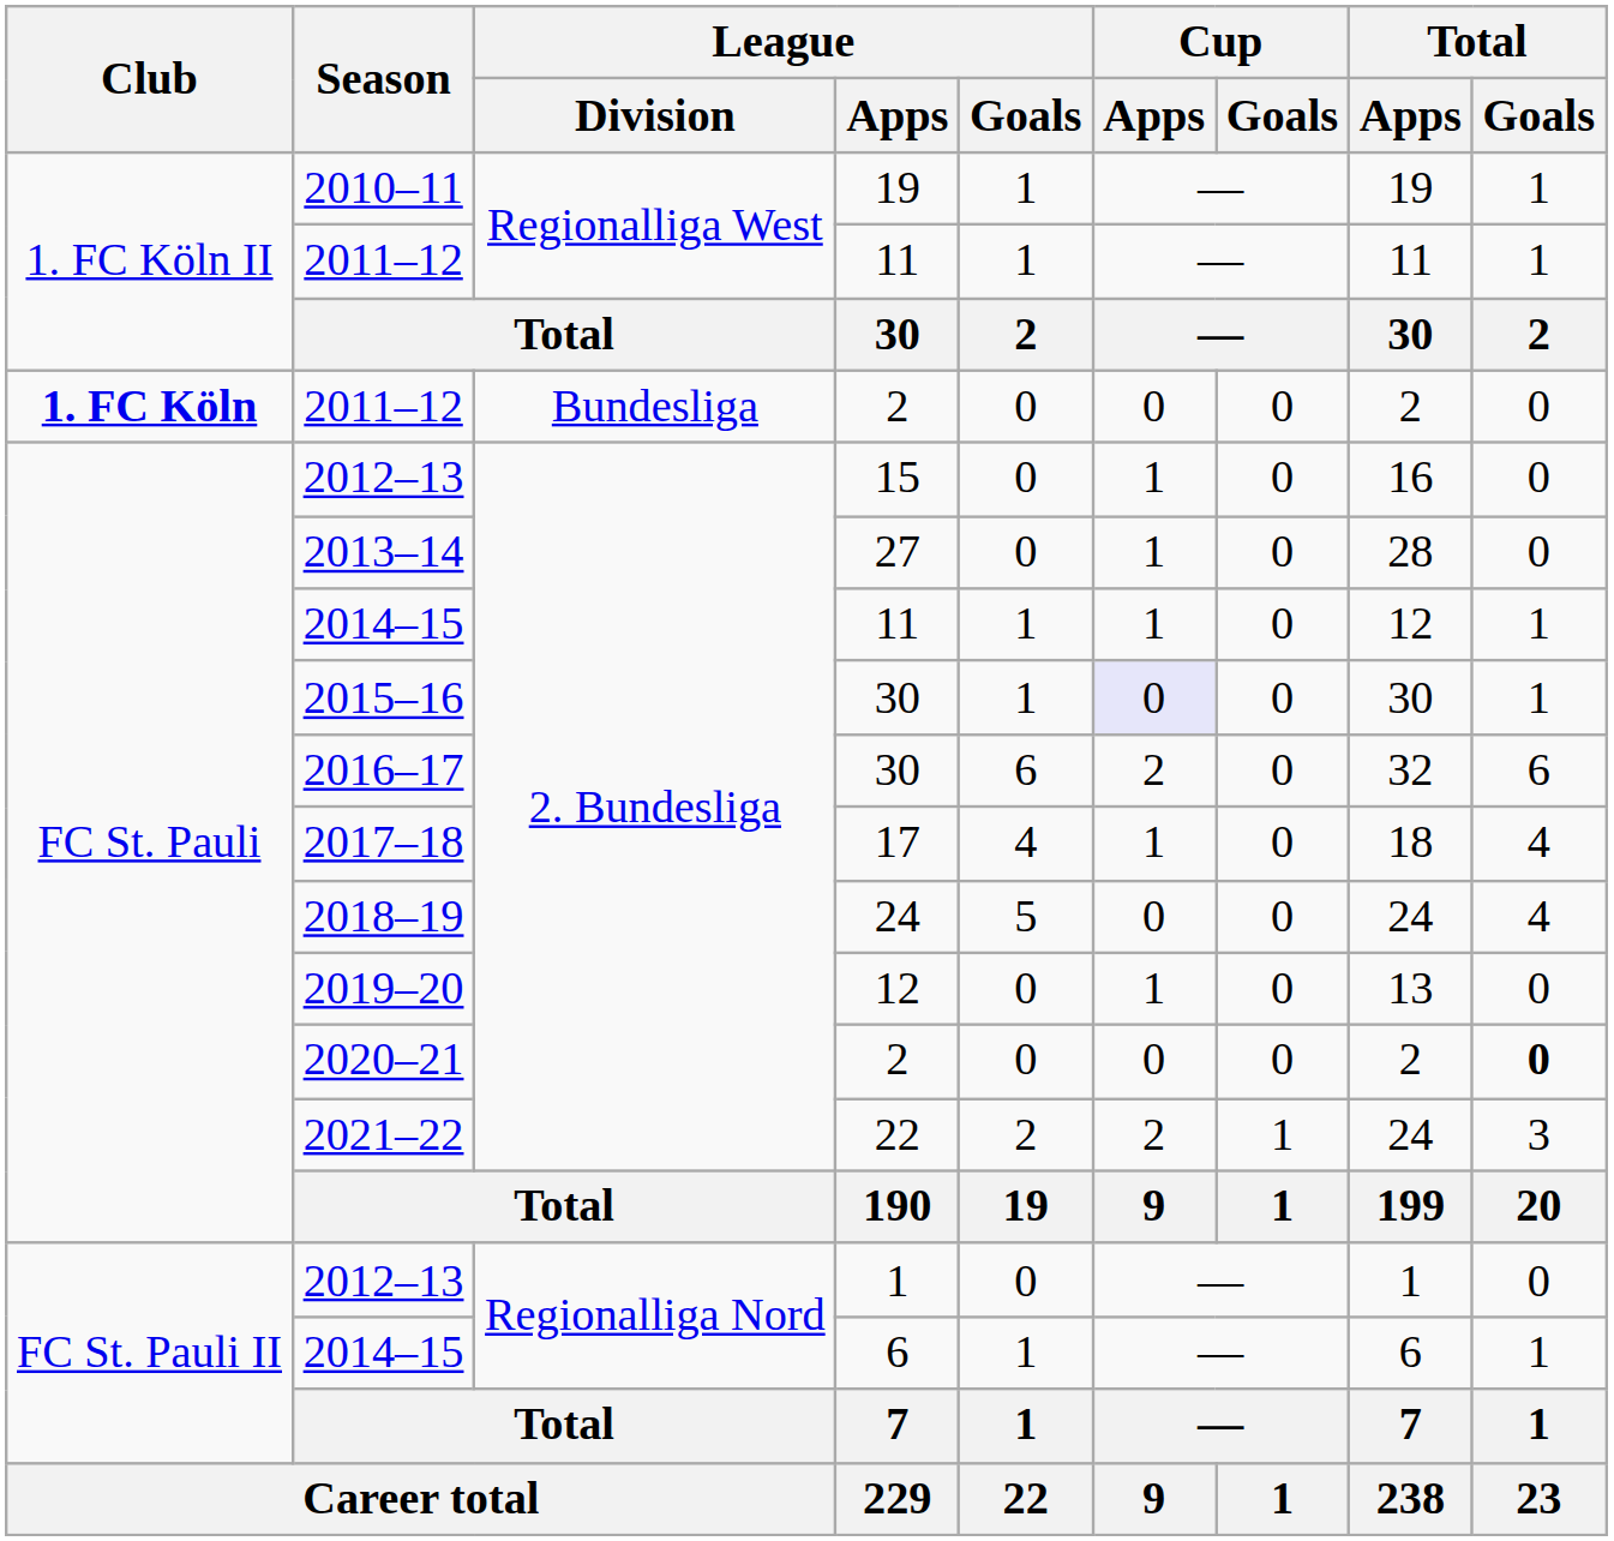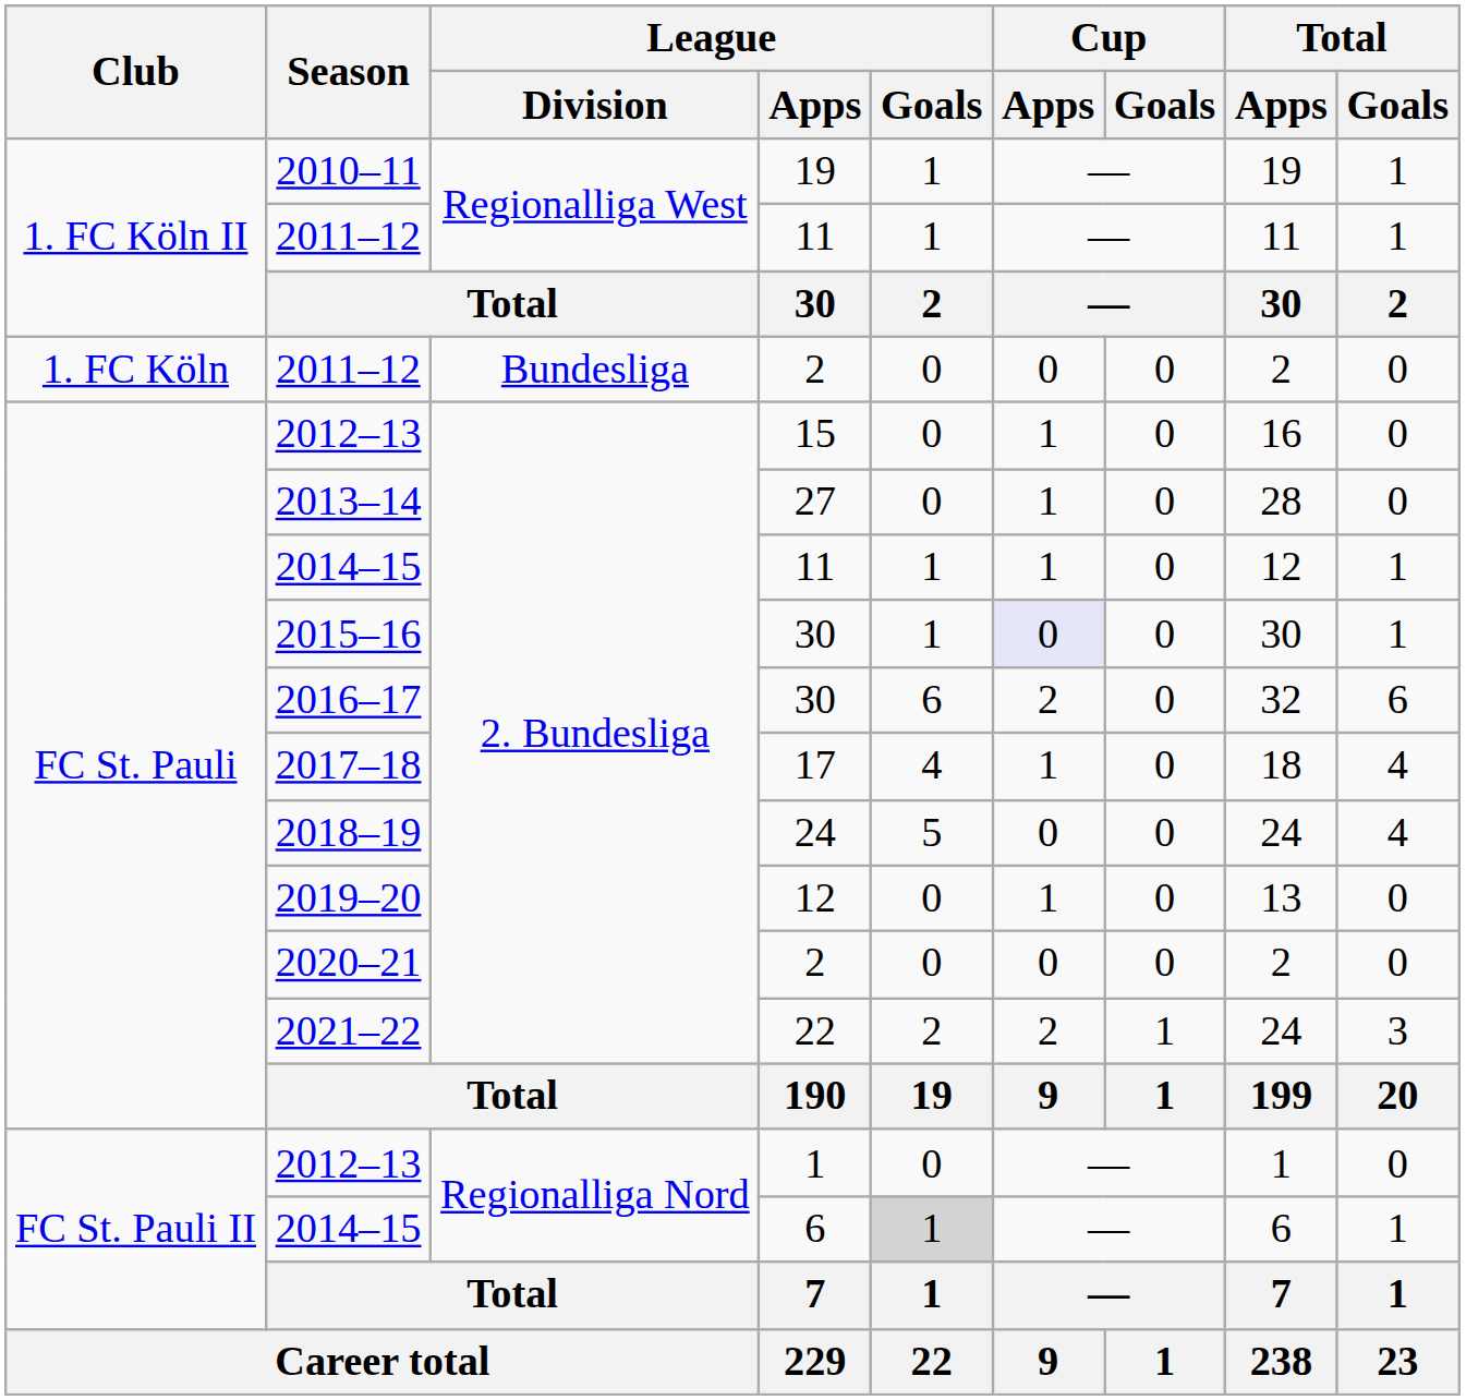 <table class="wikitable" style="text-align:center">
 <tr>
 <th rowspan="2">Club</th>
 <th rowspan="2">Season</th>
 <th colspan="3">League</th>
 <th colspan="2">Cup</th>
 <th colspan="2">Total</th>
 </tr>
 <tr>
 <th>Division</th>
 <th>Apps</th>
 <th>Goals</th>
 <th>Apps</th>
 <th>Goals</th>
 <th>Apps</th>
 <th>Goals</th>
 </tr>
 <tr>
 <td rowspan="3"><a href='#'>1. FC Köln II</a></td>
 <td><a href='#'>2010–11</a></td>
 <td rowspan="2"><a href='#'>Regionalliga West</a></td>
 <td>19</td>
 <td>1</td>
 <td colspan="2">—</td>
 <td>19</td>
 <td>1</td>
 </tr>
 <tr>
 <td><a href='#'>2011–12</a></td>
 <td>11</td>
 <td>1</td>
 <td colspan="2">—</td>
 <td>11</td>
 <td>1</td>
 </tr>
 <tr>
 <th colspan="2">Total</th>
 <th>30</th>
 <th>2</th>
 <th colspan="2">—</th>
 <th>30</th>
 <th>2</th>
 </tr>
 <tr>
-<td><strong><a href='#'>1. FC Köln</a></strong></td>
+<td><a href='#'>1. FC Köln</a></td>
 <td><a href='#'>2011–12</a></td>
 <td><a href='#'>Bundesliga</a></td>
 <td>2</td>
 <td>0</td>
 <td>0</td>
 <td>0</td>
 <td>2</td>
 <td>0</td>
 </tr>
 <tr>
 <td rowspan="11"><a href='#'>FC St. Pauli</a></td>
 <td><a href='#'>2012–13</a></td>
 <td rowspan="10"><a href='#'>2. Bundesliga</a></td>
 <td>15</td>
 <td>0</td>
 <td>1</td>
 <td>0</td>
 <td>16</td>
 <td>0</td>
 </tr>
 <tr>
 <td><a href='#'>2013–14</a></td>
 <td>27</td>
 <td>0</td>
 <td>1</td>
 <td>0</td>
 <td>28</td>
 <td>0</td>
 </tr>
 <tr>
 <td><a href='#'>2014–15</a></td>
 <td>11</td>
 <td>1</td>
 <td>1</td>
 <td>0</td>
 <td>12</td>
 <td>1</td>
 </tr>
 <tr>
 <td><a href='#'>2015–16</a></td>
 <td>30</td>
 <td>1</td>
 <td style="background: lavender;">0</td>
 <td>0</td>
 <td>30</td>
 <td>1</td>
 </tr>
 <tr>
 <td><a href='#'>2016–17</a></td>
 <td>30</td>
 <td>6</td>
 <td>2</td>
 <td>0</td>
 <td>32</td>
 <td>6</td>
 </tr>
 <tr>
 <td><a href='#'>2017–18</a></td>
 <td>17</td>
 <td>4</td>
 <td>1</td>
 <td>0</td>
 <td>18</td>
 <td>4</td>
 </tr>
 <tr>
 <td><a href='#'>2018–19</a></td>
 <td>24</td>
 <td>5</td>
 <td>0</td>
 <td>0</td>
 <td>24</td>
 <td>4</td>
 </tr>
 <tr>
 <td><a href='#'>2019–20</a></td>
 <td>12</td>
 <td>0</td>
 <td>1</td>
 <td>0</td>
 <td>13</td>
 <td>0</td>
 </tr>
 <tr>
 <td><a href='#'>2020–21</a></td>
 <td>2</td>
 <td>0</td>
 <td>0</td>
 <td>0</td>
 <td>2</td>
-<td><strong>0</strong></td>
+<td>0</td>
 </tr>
 <tr>
 <td><a href='#'>2021–22</a></td>
 <td>22</td>
 <td>2</td>
 <td>2</td>
 <td>1</td>
 <td>24</td>
 <td>3</td>
 </tr>
 <tr>
 <th colspan="2">Total</th>
 <th>190</th>
 <th>19</th>
 <th>9</th>
 <th>1</th>
 <th>199</th>
 <th>20</th>
 </tr>
 <tr>
 <td rowspan="3"><a href='#'>FC St. Pauli II</a></td>
 <td><a href='#'>2012–13</a></td>
 <td rowspan="2"><a href='#'>Regionalliga Nord</a></td>
 <td>1</td>
 <td>0</td>
 <td colspan="2">—</td>
 <td>1</td>
 <td>0</td>
 </tr>
 <tr>
 <td><a href='#'>2014–15</a></td>
 <td>6</td>
-<td>1</td>
+<td style="background: lightgrey;">1</td>
 <td colspan="2">—</td>
 <td>6</td>
 <td>1</td>
 </tr>
 <tr>
 <th colspan="2">Total</th>
 <th>7</th>
 <th>1</th>
 <th colspan="2">—</th>
 <th>7</th>
 <th>1</th>
 </tr>
 <tr>
 <th colspan="3">Career total</th>
 <th>229</th>
 <th>22</th>
 <th>9</th>
 <th>1</th>
 <th>238</th>
 <th>23</th>
 </tr>
 </table>
